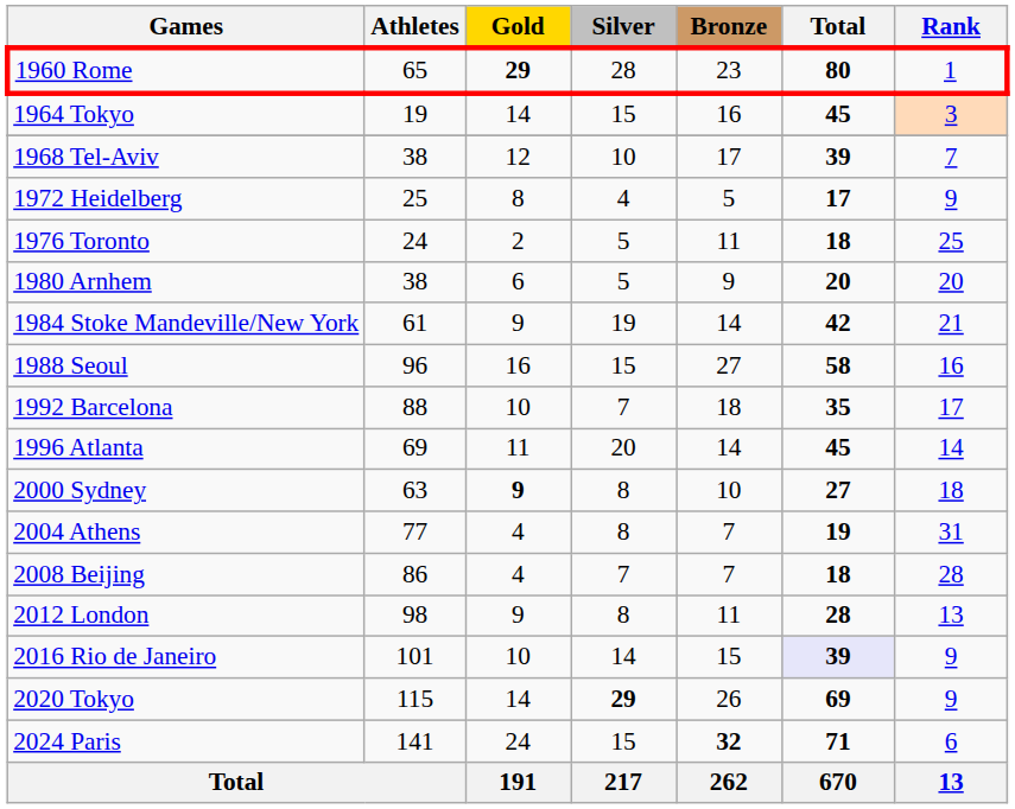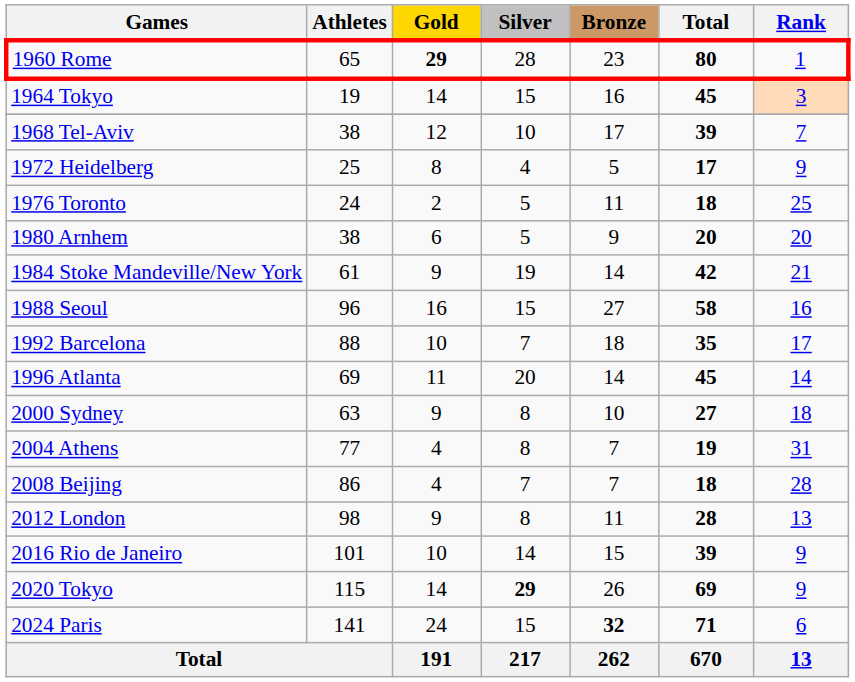 <table class="wikitable" style="text-align:center; font-size:90%;">
 <tr>
 <th>Games</th>
 <th>Athletes</th>
 <td style="background:gold; width:3.7em; font-weight:bold;">Gold</td>
 <td style="background:silver; width:3.7em; font-weight:bold;">Silver</td>
 <td style="background:#cc9966; width:3.7em; font-weight:bold;">Bronze</td>
 <th style="width:4em; font-weight:bold;">Total</th>
 <th style="width:4em; font-weight:bold;"><a href='#'>Rank</a></th>
 </tr>
 <tr>
 </tr>
 <tr style="border: 3px solid red">
 <td align=left> <a href='#'>1960 Rome</a></td>
 <td>65</td>
 <td><strong>29</strong></td>
 <td>28</td>
 <td>23</td>
 <td><strong>80</strong></td>
 <td><a href='#'>1</a></td>
 </tr>
 <tr>
 <td align=left> <a href='#'>1964 Tokyo</a></td>
 <td>19</td>
 <td>14</td>
 <td>15</td>
 <td>16</td>
 <td><strong>45</strong></td>
 <td bgcolor=ffdab9><a href='#'>3</a></td>
 </tr>
 <tr>
 </tr>
 <tr>
 <td align=left> <a href='#'>1968 Tel-Aviv</a></td>
 <td>38</td>
 <td>12</td>
 <td>10</td>
 <td>17</td>
 <td><strong>39</strong></td>
 <td><a href='#'>7</a></td>
 </tr>
 <tr>
 <td align=left> <a href='#'>1972 Heidelberg</a></td>
 <td>25</td>
 <td>8</td>
 <td>4</td>
 <td>5</td>
 <td><strong>17</strong></td>
 <td><a href='#'>9</a></td>
 </tr>
 <tr>
 <td align=left> <a href='#'>1976 Toronto</a></td>
 <td>24</td>
 <td>2</td>
 <td>5</td>
 <td>11</td>
 <td><strong>18</strong></td>
 <td><a href='#'>25</a></td>
 </tr>
 <tr>
 <td align=left> <a href='#'>1980 Arnhem</a></td>
 <td>38</td>
 <td>6</td>
 <td>5</td>
 <td>9</td>
 <td><strong>20</strong></td>
 <td><a href='#'>20</a></td>
 </tr>
 <tr>
 <td align=left> <a href='#'>1984 Stoke Mandeville/New York</a></td>
 <td>61</td>
 <td>9</td>
 <td>19</td>
 <td>14</td>
 <td><strong>42</strong></td>
 <td><a href='#'>21</a></td>
 </tr>
 <tr>
 <td align=left> <a href='#'>1988 Seoul</a></td>
 <td>96</td>
 <td>16</td>
 <td>15</td>
 <td>27</td>
 <td><strong>58</strong></td>
 <td><a href='#'>16</a></td>
 </tr>
 <tr>
 <td align=left> <a href='#'>1992 Barcelona</a></td>
 <td>88</td>
 <td>10</td>
 <td>7</td>
 <td>18</td>
 <td><strong>35</strong></td>
 <td><a href='#'>17</a></td>
 </tr>
 <tr>
 <td align=left> <a href='#'>1996 Atlanta</a></td>
 <td>69</td>
 <td>11</td>
 <td>20</td>
 <td>14</td>
 <td><strong>45</strong></td>
 <td><a href='#'>14</a></td>
 </tr>
 <tr>
 <td align=left> <a href='#'>2000 Sydney</a></td>
 <td>63</td>
-<td><strong>9</strong></td>
+<td>9</td>
 <td>8</td>
 <td>10</td>
 <td><strong>27</strong></td>
 <td><a href='#'>18</a></td>
 </tr>
 <tr>
 <td align=left> <a href='#'>2004 Athens</a></td>
 <td>77</td>
 <td>4</td>
 <td>8</td>
 <td>7</td>
 <td><strong>19</strong></td>
 <td><a href='#'>31</a></td>
 </tr>
 <tr>
 <td align=left> <a href='#'>2008 Beijing</a></td>
 <td>86</td>
 <td>4</td>
 <td>7</td>
 <td>7</td>
 <td><strong>18</strong></td>
 <td><a href='#'>28</a></td>
 </tr>
 <tr>
 <td align=left> <a href='#'>2012 London</a></td>
 <td>98</td>
 <td>9</td>
 <td>8</td>
 <td>11</td>
 <td><strong>28</strong></td>
 <td><a href='#'>13</a></td>
 </tr>
 <tr>
 <td align=left> <a href='#'>2016 Rio de Janeiro</a></td>
 <td>101</td>
 <td>10</td>
 <td>14</td>
 <td>15</td>
-<td style="background: lavender;"><strong>39</strong></td>
+<td><strong>39</strong></td>
 <td><a href='#'>9</a></td>
 </tr>
 <tr>
 <td align=left> <a href='#'>2020 Tokyo</a></td>
 <td>115</td>
 <td>14</td>
 <td><strong>29</strong></td>
 <td>26</td>
 <td><strong>69</strong></td>
 <td><a href='#'>9</a></td>
 </tr>
 <tr>
 <td align=left> <a href='#'>2024 Paris</a></td>
 <td>141</td>
 <td>24</td>
 <td>15</td>
 <td><strong>32</strong></td>
 <td><strong>71</strong></td>
 <td><a href='#'>6</a></td>
 </tr>
 <tr>
 <th colspan=2>Total</th>
 <th>191</th>
 <th>217</th>
 <th>262</th>
 <th>670</th>
 <th><a href='#'>13</a></th>
 </tr>
 </table>
